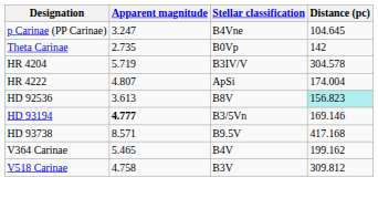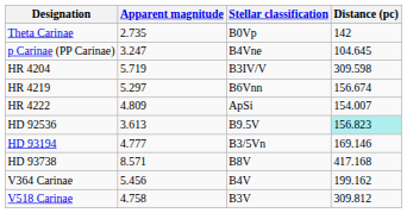 <table class="wikitable sortable">
 <tr>
 <th>Designation</th>
 <th><a href='#'>Apparent magnitude</a></th>
 <th><a href='#'>Stellar classification</a></th>
 <th>Distance (pc)</th>
 </tr>
 <tr>
+<td><a href='#'>Theta Carinae</a></td>
+<td>2.735</td>
+<td style="background:#">B0Vp</td>
+<td>142</td>
+</tr>
+<tr>
 <td><a href='#'>p Carinae</a> (PP Carinae)</td>
 <td>3.247</td>
 <td style="background:#">B4Vne</td>
 <td>104.645</td>
 </tr>
 <tr>
-<td><a href='#'>Theta Carinae</a></td>
-<td>2.735</td>
-<td style="background:#">B0Vp</td>
-<td>142</td>
-</tr>
-<tr>
 <td>HR 4204</td>
 <td>5.719</td>
 <td style="background:#">B3IV/V</td>
-<td>304.578</td>
+<td>309.598</td>
+</tr>
+<tr>
+<td>HR 4219</td>
+<td>5.297</td>
+<td style="background:#">B6Vnn</td>
+<td>156.674</td>
 </tr>
 <tr>
 <td>HR 4222</td>
-<td>4.807</td>
+<td>4.809</td>
 <td style="background:#">ApSi</td>
-<td>174.004</td>
+<td>154.007</td>
 </tr>
 <tr>
 <td>HD 92536</td>
 <td>3.613</td>
-<td style="background:#">B8V</td>
+<td style="background:#">B9.5V</td>
 <td style="background: paleturquoise;">156.823</td>
 </tr>
 <tr>
 <td><a href='#'>HD 93194</a></td>
-<td><strong>4.777</strong></td>
+<td>4.777</td>
 <td style="background:#">B3/5Vn</td>
 <td>169.146</td>
 </tr>
 <tr>
 <td>HD 93738</td>
 <td>8.571</td>
-<td style="background:#">B9.5V</td>
+<td style="background:#">B8V</td>
 <td>417.168</td>
 </tr>
 <tr>
 <td>V364 Carinae</td>
-<td>5.465</td>
+<td>5.456</td>
 <td style="background:#">B4V</td>
 <td>199.162</td>
 </tr>
 <tr>
 <td><a href='#'>V518 Carinae</a></td>
 <td>4.758</td>
 <td style="background:#">B3V</td>
 <td>309.812</td>
 </tr>
 </table>
